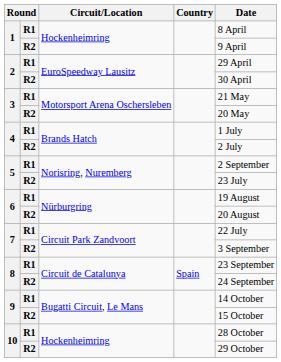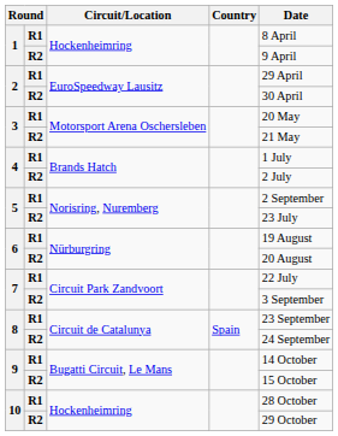 <table class="wikitable" style="font-size: 85%">
 <tr>
 <th colspan=2>Round</th>
 <th>Circuit/Location</th>
 <th>Country</th>
 <th>Date</th>
 </tr>
 <tr>
 <th rowspan=2>1</th>
 <th>R1</th>
 <td rowspan=2><a href='#'>Hockenheimring</a></td>
 <td rowspan=2></td>
 <td>8 April</td>
 </tr>
 <tr>
 <th>R2</th>
 <td>9 April</td>
 </tr>
 <tr>
 <th rowspan=2>2</th>
 <th>R1</th>
 <td rowspan=2><a href='#'>EuroSpeedway Lausitz</a></td>
 <td rowspan=2></td>
 <td>29 April</td>
 </tr>
 <tr>
 <th>R2</th>
 <td>30 April</td>
 </tr>
 <tr>
 <th rowspan=2>3</th>
 <th>R1</th>
 <td rowspan=2 nowrap><a href='#'>Motorsport Arena Oschersleben</a></td>
 <td rowspan=2></td>
-<td>21 May</td>
+<td>20 May</td>
 </tr>
 <tr>
 <th>R2</th>
-<td>20 May</td>
+<td>21 May</td>
 </tr>
 <tr>
 <th rowspan=2>4</th>
 <th>R1</th>
 <td rowspan=2><a href='#'>Brands Hatch</a></td>
 <td rowspan=2 nowrap></td>
 <td>1 July</td>
 </tr>
 <tr>
 <th>R2</th>
 <td>2 July</td>
 </tr>
 <tr>
 <th rowspan=2>5</th>
 <th>R1</th>
 <td rowspan=2><a href='#'>Norisring</a>, <a href='#'>Nuremberg</a></td>
 <td rowspan=2></td>
 <td>2 September</td>
 </tr>
 <tr>
 <th>R2</th>
 <td>23 July</td>
 </tr>
 <tr>
 <th rowspan=2>6</th>
 <th>R1</th>
 <td rowspan=2><a href='#'>Nürburgring</a></td>
 <td rowspan=2></td>
 <td>19 August</td>
 </tr>
 <tr>
 <th>R2</th>
 <td>20 August</td>
 </tr>
 <tr>
 <th rowspan=2>7</th>
 <th>R1</th>
 <td rowspan=2><a href='#'>Circuit Park Zandvoort</a></td>
 <td rowspan=2></td>
 <td>22 July</td>
 </tr>
 <tr>
 <th>R2</th>
 <td>3 September</td>
 </tr>
 <tr>
 <th rowspan=2>8</th>
 <th>R1</th>
 <td rowspan=2><a href='#'>Circuit de Catalunya</a></td>
 <td rowspan=2> <a href='#'>Spain</a></td>
 <td>23 September</td>
 </tr>
 <tr>
 <th>R2</th>
 <td nowrap>24 September</td>
 </tr>
 <tr>
 <th rowspan=2>9</th>
 <th>R1</th>
 <td rowspan=2><a href='#'>Bugatti Circuit</a>, <a href='#'>Le Mans</a></td>
 <td rowspan=2></td>
 <td>14 October</td>
 </tr>
 <tr>
 <th>R2</th>
 <td>15 October</td>
 </tr>
 <tr>
 <th rowspan=2>10</th>
 <th>R1</th>
 <td rowspan=2><a href='#'>Hockenheimring</a></td>
 <td rowspan=2></td>
 <td>28 October</td>
 </tr>
 <tr>
 <th>R2</th>
 <td>29 October</td>
 </tr>
 </table>
